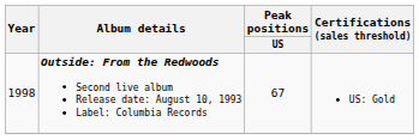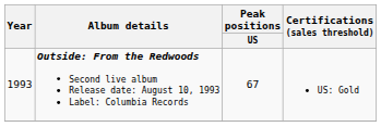 <table class="wikitable" style="text-align:center;">
 <tr>
 <th rowspan="2">Year</th>
 <th rowspan="2">Album details</th>
 <th colspan="1">Peak positions</th>
 <th rowspan="2">Certifications<br><small>(sales threshold)</small></th>
 </tr>
 <tr style="font-size:smaller;">
 <th width="40">US<br></th>
 </tr>
 <tr>
-<td>1998</td>
+<td>1993</td>
 <td align="left"><strong><em>Outside: From the Redwoods</em></strong><br><ul><li><small>Second live album</small></li><li><small>Release date: August 10, 1993</small></li><li><small>Label: Columbia Records</small></li></ul></td>
 <td>67</td>
 <td align="left"><br><ul><li><small>US: Gold</small></li></ul></td>
 </tr>
 <tr>
 </tr>
 </table>
